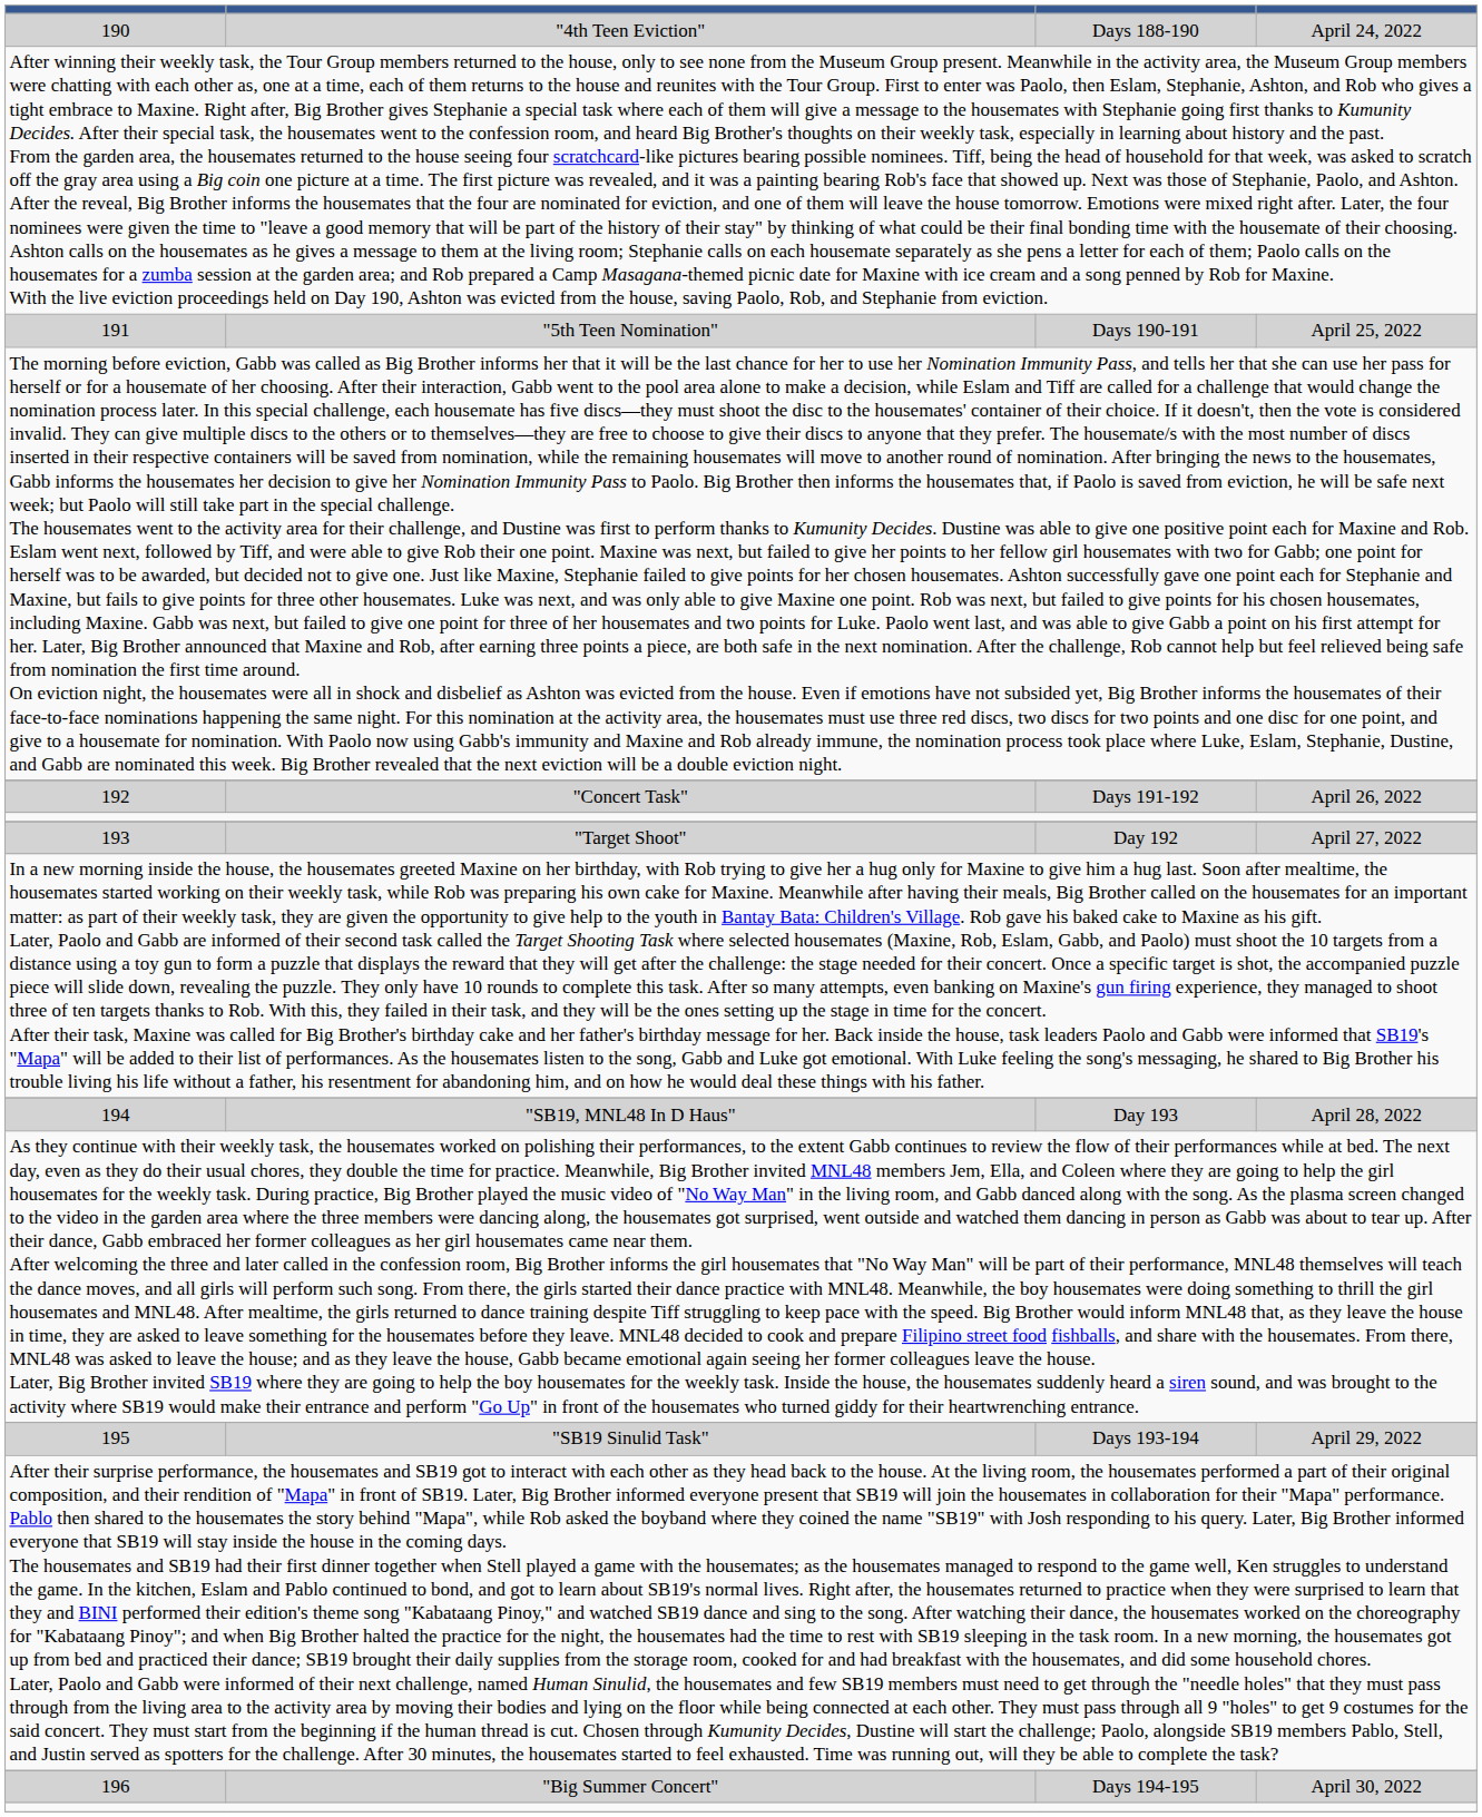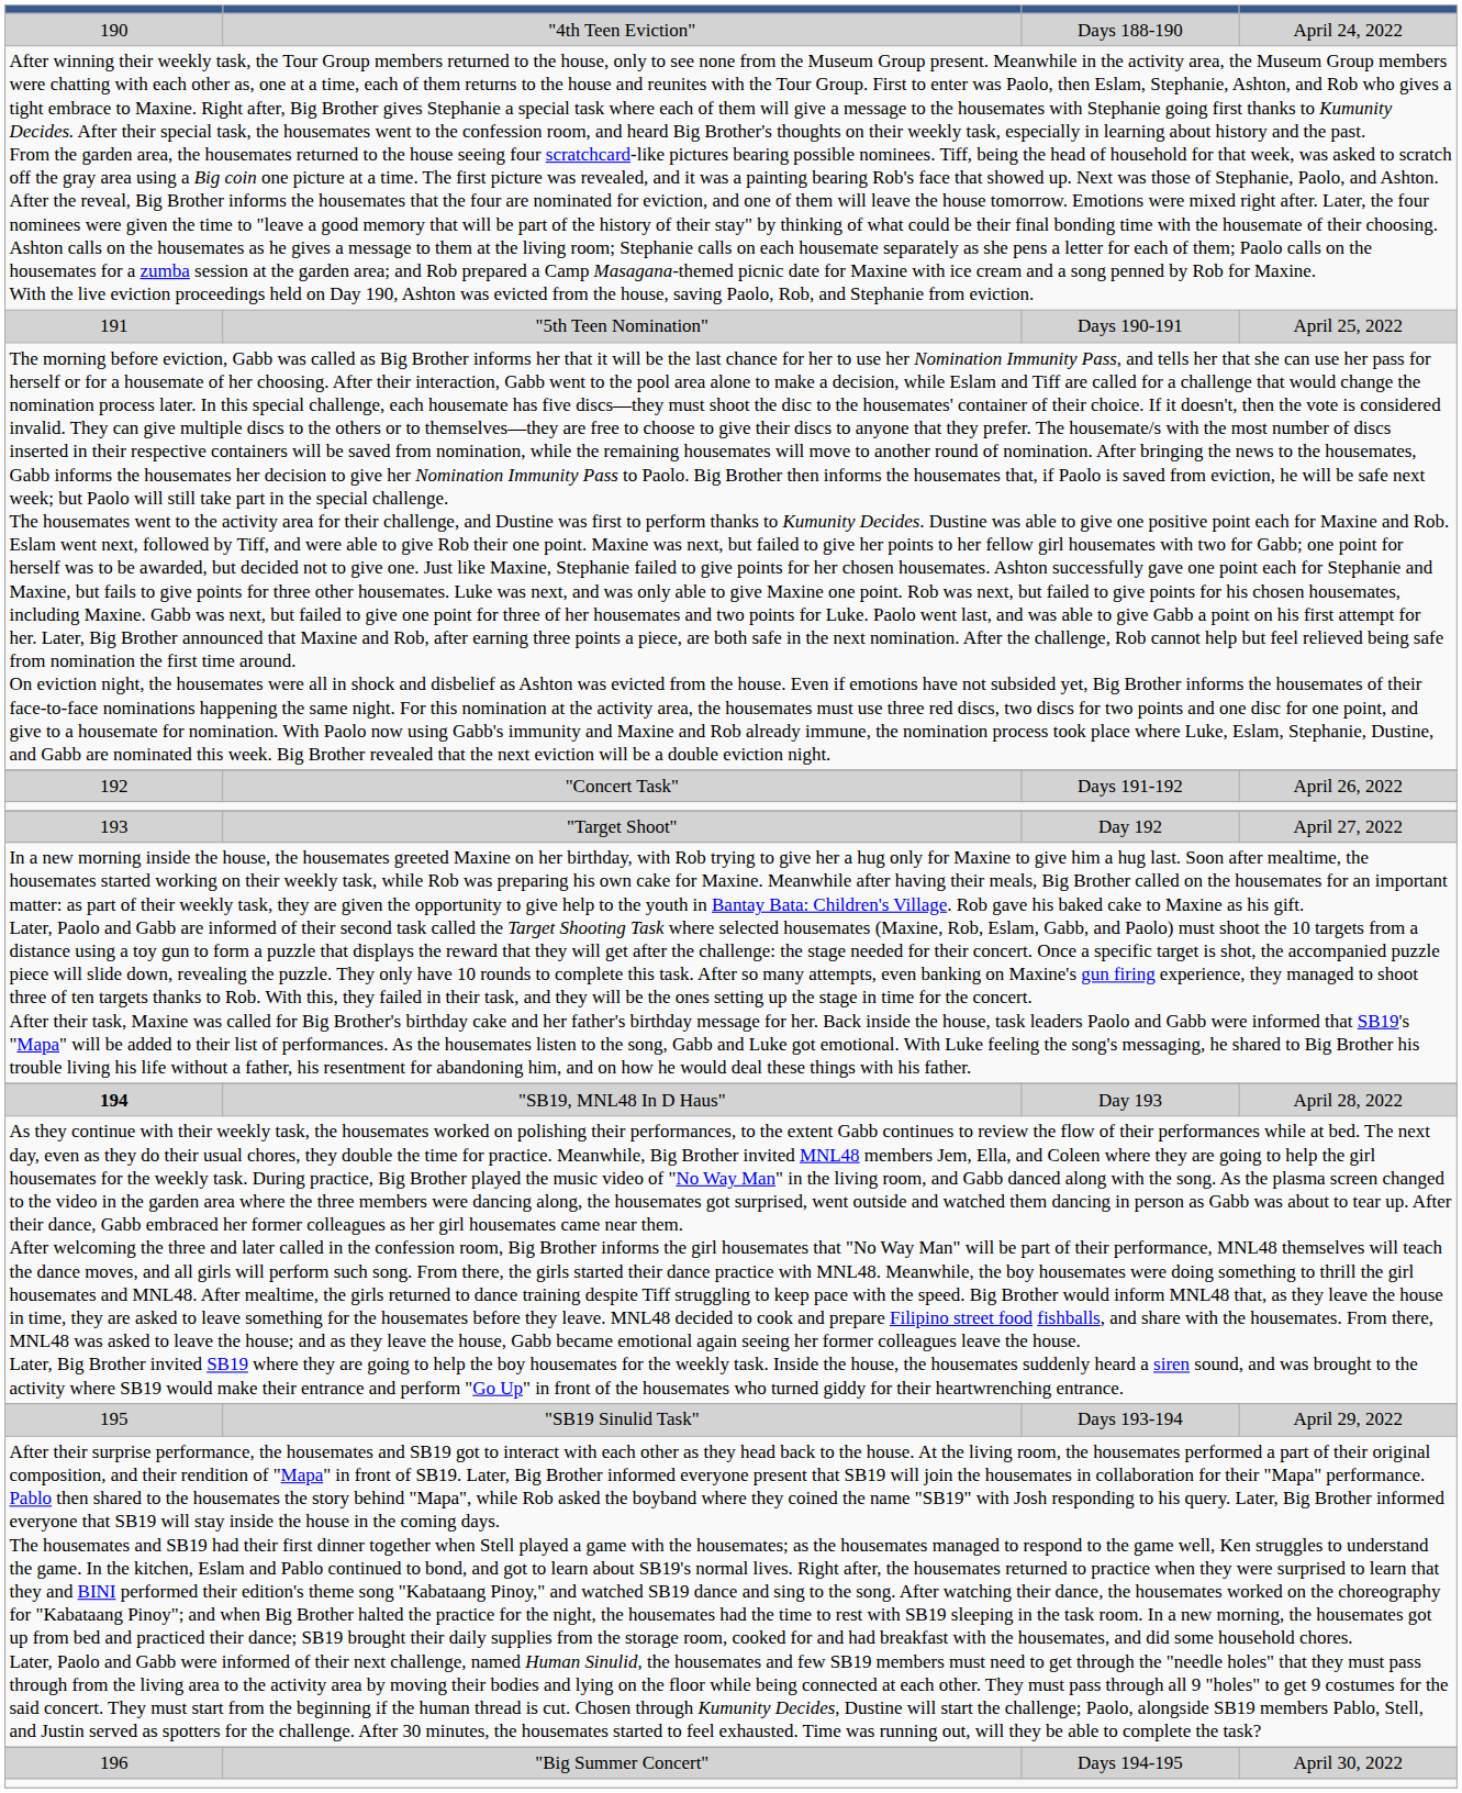 <table class="wikitable sortable" style="font-size:100%; line-height:20px; text-align:center">
 <tr>
 <th width="15%" style="background:#34588F"></th>
 <th width="55%" style="background:#34588F"></th>
 <th width="15%" style="background:#34588F"></th>
 <th width="15%" style="background:#34588F"></th>
 </tr>
 <tr style="background:lightgrey;">
 <td>190</td>
 <td>"4th Teen Eviction"</td>
 <td>Days 188-190</td>
 <td>April 24, 2022</td>
 </tr>
 <tr>
 <td colspan="4" align="left">After winning their weekly task, the Tour Group members returned to the house, only to see none from the Museum Group present. Meanwhile in the activity area, the Museum Group members were chatting with each other as, one at a time, each of them returns to the house and reunites with the Tour Group. First to enter was Paolo, then Eslam, Stephanie, Ashton, and Rob who gives a tight embrace to Maxine. Right after, Big Brother gives Stephanie a special task where each of them will give a message to the housemates with Stephanie going first thanks to <em>Kumunity Decides.</em> After their special task, the housemates went to the confession room, and heard Big Brother's thoughts on their weekly task, especially in learning about history and the past.<br>From the garden area, the housemates returned to the house seeing four <a href='#'>scratchcard</a>-like pictures bearing possible nominees. Tiff, being the head of household for that week, was asked to scratch off the gray area using a <em>Big coin</em> one picture at a time. The first picture was revealed, and it was a painting bearing Rob's face that showed up. Next was those of Stephanie, Paolo, and Ashton. After the reveal, Big Brother informs the housemates that the four are nominated for eviction, and one of them will leave the house tomorrow. Emotions were mixed right after. Later, the four nominees were given the time to "leave a good memory that will be part of the history of their stay" by thinking of what could be their final bonding time with the housemate of their choosing. Ashton calls on the housemates as he gives a message to them at the living room; Stephanie calls on each housemate separately as she pens a letter for each of them; Paolo calls on the housemates for a <a href='#'>zumba</a> session at the garden area; and Rob prepared a Camp <em>Masagana</em>-themed picnic date for Maxine with ice cream and a song penned by Rob for Maxine.<br>With the live eviction proceedings held on Day 190, Ashton was evicted from the house, saving Paolo, Rob, and Stephanie from eviction.</td>
 </tr>
 <tr style="background:lightgrey;">
 <td>191</td>
 <td>"5th Teen Nomination"</td>
 <td>Days 190-191</td>
 <td>April 25, 2022</td>
 </tr>
 <tr>
 <td colspan="4" align="left">The morning before eviction, Gabb was called as Big Brother informs her that it will be the last chance for her to use her <em>Nomination Immunity Pass</em>, and tells her that she can use her pass for herself or for a housemate of her choosing. After their interaction, Gabb went to the pool area alone to make a decision, while Eslam and Tiff are called for a challenge that would change the nomination process later. In this special challenge, each housemate has five discs—they must shoot the disc to the housemates' container of their choice. If it doesn't, then the vote is considered invalid. They can give multiple discs to the others or to themselves—they are free to choose to give their discs to anyone that they prefer. The housemate/s with the most number of discs inserted in their respective containers will be saved from nomination, while the remaining housemates will move to another round of nomination. After bringing the news to the housemates, Gabb informs the housemates her decision to give her <em>Nomination Immunity Pass</em> to Paolo. Big Brother then informs the housemates that, if Paolo is saved from eviction, he will be safe next week; but Paolo will still take part in the special challenge.<br>The housemates went to the activity area for their challenge, and Dustine was first to perform thanks to <em>Kumunity Decides</em>. Dustine was able to give one positive point each for Maxine and Rob. Eslam went next, followed by Tiff, and were able to give Rob their one point. Maxine was next, but failed to give her points to her fellow girl housemates with two for Gabb; one point for herself was to be awarded, but decided not to give one. Just like Maxine, Stephanie failed to give points for her chosen housemates. Ashton successfully gave one point each for Stephanie and Maxine, but fails to give points for three other housemates. Luke was next, and was only able to give Maxine one point. Rob was next, but failed to give points for his chosen housemates, including Maxine. Gabb was next, but failed to give one point for three of her housemates and two points for Luke. Paolo went last, and was able to give Gabb a point on his first attempt for her. Later, Big Brother announced that Maxine and Rob, after earning three points a piece, are both safe in the next nomination. After the challenge, Rob cannot help but feel relieved being safe from nomination the first time around.<br>On eviction night, the housemates were all in shock and disbelief as Ashton was evicted from the house. Even if emotions have not subsided yet, Big Brother informs the housemates of their face-to-face nominations happening the same night. For this nomination at the activity area, the housemates must use three red discs, two discs for two points and one disc for one point, and give to a housemate for nomination. With Paolo now using Gabb's immunity and Maxine and Rob already immune, the nomination process took place where Luke, Eslam, Stephanie, Dustine, and Gabb are nominated this week. Big Brother revealed that the next eviction will be a double eviction night.</td>
 </tr>
 <tr>
 </tr>
 <tr style="background:lightgrey;">
 <td>192</td>
 <td>"Concert Task"</td>
 <td>Days 191-192</td>
 <td>April 26, 2022</td>
 </tr>
 <tr>
 <td colspan="4" align="left"></td>
 </tr>
 <tr>
 </tr>
 <tr style="background:lightgrey;">
 <td>193</td>
 <td>"Target Shoot"</td>
 <td>Day 192</td>
 <td>April 27, 2022</td>
 </tr>
 <tr>
 <td colspan="4" align="left">In a new morning inside the house, the housemates greeted Maxine on her birthday, with Rob trying to give her a hug only for Maxine to give him a hug last. Soon after mealtime, the housemates started working on their weekly task, while Rob was preparing his own cake for Maxine. Meanwhile after having their meals, Big Brother called on the housemates for an important matter: as part of their weekly task, they are given the opportunity to give help to the youth in <a href='#'>Bantay Bata: Children's Village</a>. Rob gave his baked cake to Maxine as his gift.<br>Later, Paolo and Gabb are informed of their second task called the <em>Target Shooting Task</em> where selected housemates (Maxine, Rob, Eslam, Gabb, and Paolo) must shoot the 10 targets from a distance using a toy gun to form a puzzle that displays the reward that they will get after the challenge: the stage needed for their concert. Once a specific target is shot, the accompanied puzzle piece will slide down, revealing the puzzle. They only have 10 rounds to complete this task. After so many attempts, even banking on Maxine's <a href='#'>gun firing</a> experience, they managed to shoot three of ten targets thanks to Rob. With this, they failed in their task, and they will be the ones setting up the stage in time for the concert.<br>After their task, Maxine was called for Big Brother's birthday cake and her father's birthday message for her. Back inside the house, task leaders Paolo and Gabb were informed that <a href='#'>SB19</a>'s "<a href='#'>Mapa</a>" will be added to their list of performances. As the housemates listen to the song, Gabb and Luke got emotional. With Luke feeling the song's messaging, he shared to Big Brother his trouble living his life without a father, his resentment for abandoning him, and on how he would deal these things with his father.</td>
 </tr>
 <tr>
 </tr>
 <tr style="background:lightgrey;">
-<td>194</td>
+<td><strong>194</strong></td>
 <td>"SB19, MNL48 In D Haus"</td>
 <td>Day 193</td>
 <td>April 28, 2022</td>
 </tr>
 <tr>
 <td colspan="4" align="left">As they continue with their weekly task, the housemates worked on polishing their performances, to the extent Gabb continues to review the flow of their performances while at bed. The next day, even as they do their usual chores, they double the time for practice. Meanwhile, Big Brother invited <a href='#'>MNL48</a> members Jem, Ella, and Coleen where they are going to help the girl housemates for the weekly task. During practice, Big Brother played the music video of "<a href='#'>No Way Man</a>" in the living room, and Gabb danced along with the song. As the plasma screen changed to the video in the garden area where the three members were dancing along, the housemates got surprised, went outside and watched them dancing in person as Gabb was about to tear up. After their dance, Gabb embraced her former colleagues as her girl housemates came near them.<br>After welcoming the three and later called in the confession room, Big Brother informs the girl housemates that "No Way Man" will be part of their performance, MNL48 themselves will teach the dance moves, and all girls will perform such song. From there, the girls started their dance practice with MNL48. Meanwhile, the boy housemates were doing something to thrill the girl housemates and MNL48. After mealtime, the girls returned to dance training despite Tiff struggling to keep pace with the speed. Big Brother would inform MNL48 that, as they leave the house in time, they are asked to leave something for the housemates before they leave. MNL48 decided to cook and prepare <a href='#'>Filipino street food</a> <a href='#'>fishballs</a>, and share with the housemates. From there, MNL48 was asked to leave the house; and as they leave the house, Gabb became emotional again seeing her former colleagues leave the house.<br>Later, Big Brother invited <a href='#'>SB19</a> where they are going to help the boy housemates for the weekly task. Inside the house, the housemates suddenly heard a <a href='#'>siren</a> sound, and was brought to the activity where SB19 would make their entrance and perform "<a href='#'>Go Up</a>" in front of the housemates who turned giddy for their heartwrenching entrance.</td>
 </tr>
 <tr>
 </tr>
 <tr style="background:lightgrey;">
 <td>195</td>
 <td>"SB19 Sinulid Task"</td>
 <td>Days 193-194</td>
 <td>April 29, 2022</td>
 </tr>
 <tr>
 <td colspan="4" align="left">After their surprise performance, the housemates and SB19 got to interact with each other as they head back to the house. At the living room, the housemates performed a part of their original composition, and their rendition of "<a href='#'>Mapa</a>" in front of SB19. Later, Big Brother informed everyone present that SB19 will join the housemates in collaboration for their "Mapa" performance. <a href='#'>Pablo</a> then shared to the housemates the story behind "Mapa", while Rob asked the boyband where they coined the name "SB19" with Josh responding to his query. Later, Big Brother informed everyone that SB19 will stay inside the house in the coming days.<br>The housemates and SB19 had their first dinner together when Stell played a game with the housemates; as the housemates managed to respond to the game well, Ken struggles to understand the game. In the kitchen, Eslam and Pablo continued to bond, and got to learn about SB19's normal lives. Right after, the housemates returned to practice when they were surprised to learn that they and <a href='#'>BINI</a> performed their edition's theme song "Kabataang Pinoy," and watched SB19 dance and sing to the song. After watching their dance, the housemates worked on the choreography for "Kabataang Pinoy"; and when Big Brother halted the practice for the night, the housemates had the time to rest with SB19 sleeping in the task room. In a new morning, the housemates got up from bed and practiced their dance; SB19 brought their daily supplies from the storage room, cooked for and had breakfast with the housemates, and did some household chores.<br>Later, Paolo and Gabb were informed of their next challenge, named <em>Human Sinulid</em>, the housemates and few SB19 members must need to get through the "needle holes" that they must pass through from the living area to the activity area by moving their bodies and lying on the floor while being connected at each other. They must pass through all 9 "holes" to get 9 costumes for the said concert. They must start from the beginning if the human thread is cut. Chosen through <em>Kumunity Decides</em>, Dustine will start the challenge; Paolo, alongside SB19 members Pablo, Stell, and Justin served as spotters for the challenge. After 30 minutes, the housemates started to feel exhausted. Time was running out, will they be able to complete the task?</td>
 </tr>
 <tr>
 </tr>
 <tr style="background:lightgrey;">
 <td>196</td>
 <td>"Big Summer Concert"</td>
 <td>Days 194-195</td>
 <td>April 30, 2022</td>
 </tr>
 <tr>
 <td colspan="4" align="left"></td>
 </tr>
 <tr>
 </tr>
 </table>
